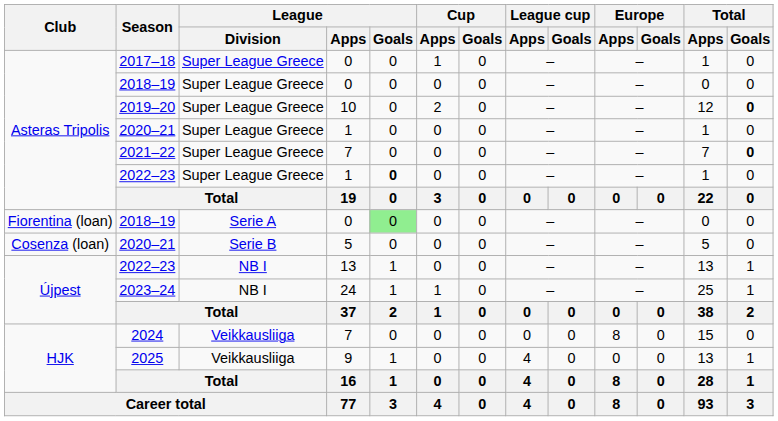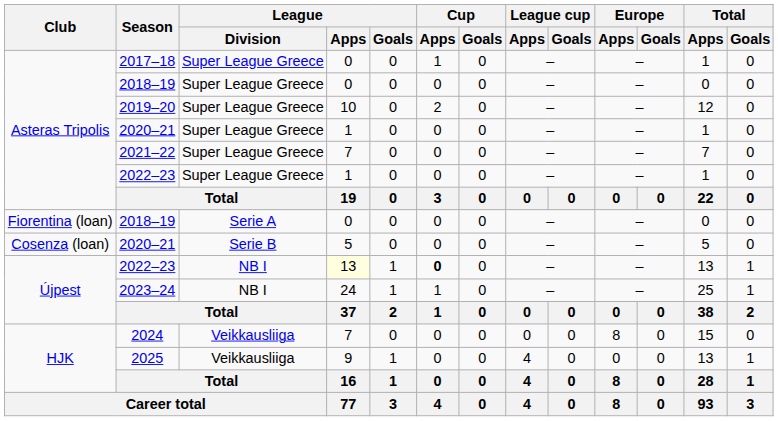 <table class="wikitable" style="text-align:center">
 <tr>
 <th rowspan="2">Club</th>
 <th rowspan="2">Season</th>
 <th colspan="3">League</th>
 <th colspan="2">Cup</th>
 <th colspan="2">League cup</th>
 <th colspan="2">Europe</th>
 <th colspan="2">Total</th>
 </tr>
 <tr>
 <th>Division</th>
 <th>Apps</th>
 <th>Goals</th>
 <th>Apps</th>
 <th>Goals</th>
 <th>Apps</th>
 <th>Goals</th>
 <th>Apps</th>
 <th>Goals</th>
 <th>Apps</th>
 <th>Goals</th>
 </tr>
 <tr>
 <td rowspan=7><a href='#'>Asteras Tripolis</a></td>
 <td><a href='#'>2017–18</a></td>
 <td><a href='#'>Super League Greece</a></td>
 <td>0</td>
 <td>0</td>
 <td>1</td>
 <td>0</td>
 <td colspan=2>–</td>
 <td colspan=2>–</td>
 <td>1</td>
 <td>0</td>
 </tr>
 <tr>
 <td><a href='#'>2018–19</a></td>
 <td>Super League Greece</td>
 <td>0</td>
 <td>0</td>
 <td>0</td>
 <td>0</td>
 <td colspan=2>–</td>
 <td colspan=2>–</td>
 <td>0</td>
 <td>0</td>
 </tr>
 <tr>
 <td><a href='#'>2019–20</a></td>
 <td>Super League Greece</td>
 <td>10</td>
 <td>0</td>
 <td>2</td>
 <td>0</td>
 <td colspan=2>–</td>
 <td colspan=2>–</td>
 <td>12</td>
-<td><strong>0</strong></td>
+<td>0</td>
 </tr>
 <tr>
 <td><a href='#'>2020–21</a></td>
 <td>Super League Greece</td>
 <td>1</td>
 <td>0</td>
 <td>0</td>
 <td>0</td>
 <td colspan=2>–</td>
 <td colspan=2>–</td>
 <td>1</td>
 <td>0</td>
 </tr>
 <tr>
 <td><a href='#'>2021–22</a></td>
 <td>Super League Greece</td>
 <td>7</td>
 <td>0</td>
 <td>0</td>
 <td>0</td>
 <td colspan=2>–</td>
 <td colspan=2>–</td>
 <td>7</td>
-<td><strong>0</strong></td>
+<td>0</td>
 </tr>
 <tr>
 <td><a href='#'>2022–23</a></td>
 <td>Super League Greece</td>
 <td>1</td>
-<td><strong>0</strong></td>
+<td>0</td>
 <td>0</td>
 <td>0</td>
 <td colspan=2>–</td>
 <td colspan=2>–</td>
 <td>1</td>
 <td>0</td>
 </tr>
 <tr>
 <th colspan="2">Total</th>
 <th>19</th>
 <th>0</th>
 <th>3</th>
 <th>0</th>
 <th>0</th>
 <th>0</th>
 <th>0</th>
 <th>0</th>
 <th>22</th>
 <th>0</th>
 </tr>
 <tr>
 <td><a href='#'>Fiorentina</a> (loan)</td>
 <td><a href='#'>2018–19</a></td>
 <td><a href='#'>Serie A</a></td>
 <td>0</td>
-<td style="background: lightgreen;">0</td>
+<td>0</td>
 <td>0</td>
 <td>0</td>
 <td colspan=2>–</td>
 <td colspan=2>–</td>
 <td>0</td>
 <td>0</td>
 </tr>
 <tr>
 <td><a href='#'>Cosenza</a> (loan)</td>
 <td><a href='#'>2020–21</a></td>
 <td><a href='#'>Serie B</a></td>
 <td>5</td>
 <td>0</td>
 <td>0</td>
 <td>0</td>
 <td colspan=2>–</td>
 <td colspan=2>–</td>
 <td>5</td>
 <td>0</td>
 </tr>
 <tr>
 <td rowspan=3><a href='#'>Újpest</a></td>
 <td><a href='#'>2022–23</a></td>
 <td><a href='#'>NB I</a></td>
-<td>13</td>
+<td style="background: lightyellow;">13</td>
 <td>1</td>
-<td>0</td>
+<td><strong>0</strong></td>
 <td>0</td>
 <td colspan=2>–</td>
 <td colspan=2>–</td>
 <td>13</td>
 <td>1</td>
 </tr>
 <tr>
 <td><a href='#'>2023–24</a></td>
 <td>NB I</td>
 <td>24</td>
 <td>1</td>
 <td>1</td>
 <td>0</td>
 <td colspan=2>–</td>
 <td colspan=2>–</td>
 <td>25</td>
 <td>1</td>
 </tr>
 <tr>
 <th colspan="2">Total</th>
 <th>37</th>
 <th>2</th>
 <th>1</th>
 <th>0</th>
 <th>0</th>
 <th>0</th>
 <th>0</th>
 <th>0</th>
 <th>38</th>
 <th>2</th>
 </tr>
 <tr>
 <td rowspan=3><a href='#'>HJK</a></td>
 <td><a href='#'>2024</a></td>
 <td><a href='#'>Veikkausliiga</a></td>
 <td>7</td>
 <td>0</td>
 <td>0</td>
 <td>0</td>
 <td>0</td>
 <td>0</td>
 <td>8</td>
 <td>0</td>
 <td>15</td>
 <td>0</td>
 </tr>
 <tr>
 <td><a href='#'>2025</a></td>
 <td>Veikkausliiga</td>
 <td>9</td>
 <td>1</td>
 <td>0</td>
 <td>0</td>
 <td>4</td>
 <td>0</td>
 <td>0</td>
 <td>0</td>
 <td>13</td>
 <td>1</td>
 </tr>
 <tr>
 <th colspan=2>Total</th>
 <th>16</th>
 <th>1</th>
 <th>0</th>
 <th>0</th>
 <th>4</th>
 <th>0</th>
 <th>8</th>
 <th>0</th>
 <th>28</th>
 <th>1</th>
 </tr>
 <tr>
 <th colspan="3">Career total</th>
 <th>77</th>
 <th>3</th>
 <th>4</th>
 <th>0</th>
 <th>4</th>
 <th>0</th>
 <th>8</th>
 <th>0</th>
 <th>93</th>
 <th>3</th>
 </tr>
 </table>
